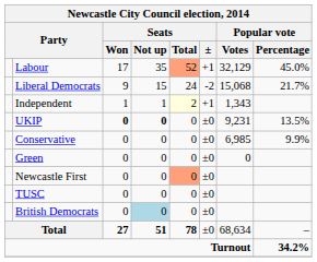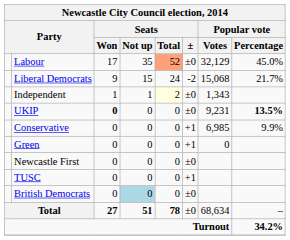 <table class="wikitable">
 <tr>
 <th colspan="8"><strong>Newcastle City Council election, 2014</strong></th>
 </tr>
 <tr>
 <th rowspan="2" colspan="2">Party</th>
 <th colspan="4">Seats</th>
 <th colspan="2">Popular vote</th>
 </tr>
 <tr>
 <th>Won</th>
 <th>Not up</th>
 <th>Total</th>
 <th>±</th>
 <th>Votes</th>
 <th>Percentage</th>
 </tr>
 <tr>
 <td style="background-color: "> </td>
 <td><a href='#'>Labour</a></td>
 <td align=right>17</td>
 <td align=right>35</td>
 <td align=right style="background: lightsalmon;">52</td>
-<td align=right>+1</td>
+<td align=right>±0</td>
 <td align=right>32,129</td>
 <td align=right>45.0%</td>
 </tr>
 <tr>
 <td style="background-color: "> </td>
 <td><a href='#'>Liberal Democrats</a></td>
 <td align=right>9</td>
 <td align=right>15</td>
 <td align=right>24</td>
 <td align=right>-2</td>
 <td align=right>15,068</td>
 <td align=right>21.7%</td>
 </tr>
 <tr>
 <td style="background-color: "> </td>
 <td>Independent</td>
 <td align=right>1</td>
 <td align=right>1</td>
 <td align=right style="background: lightyellow;">2</td>
-<td align=right>+1</td>
+<td align=right>±0</td>
 <td align=right>1,343</td>
 <td align=right></td>
 </tr>
 <tr>
 <td style="background-color: "> </td>
 <td><a href='#'>UKIP</a></td>
 <td align=right><strong>0</strong></td>
-<td align=right><strong>0</strong></td>
+<td align=right>0</td>
 <td align=right>0</td>
 <td align=right>±0</td>
 <td align=right>9,231</td>
-<td align=right>13.5%</td>
+<td align=right><strong>13.5%</strong></td>
 </tr>
 <tr>
 <td style="background-color: "> </td>
 <td><a href='#'>Conservative</a></td>
 <td align=right>0</td>
 <td align=right>0</td>
 <td align=right>0</td>
-<td align=right>±0</td>
+<td align=right>+1</td>
 <td align=right>6,985</td>
 <td align=right>9.9%</td>
 </tr>
 <tr>
 <td style="background-color: "> </td>
 <td><a href='#'>Green</a></td>
 <td align=right>0</td>
 <td align=right>0</td>
 <td align=right>0</td>
-<td align=right>±0</td>
+<td align=right>+1</td>
 <td align=right>0</td>
 <td align=right></td>
 </tr>
 <tr>
 <td style="background-color: "> </td>
 <td>Newcastle First</td>
 <td align=right>0</td>
 <td align=right>0</td>
-<td align=right style="background: lightsalmon;">0</td>
+<td align=right>0</td>
 <td align=right>±0</td>
 <td align=right></td>
 <td align=right></td>
 </tr>
 <tr>
 <td style="background-color: "> </td>
 <td><a href='#'>TUSC</a></td>
 <td align=right>0</td>
 <td align=right>0</td>
 <td align=right>0</td>
-<td align=right>±0</td>
+<td align=right>+1</td>
 <td align=right></td>
 <td align=right></td>
 </tr>
 <tr>
 <td style="background-color: "> </td>
 <td><a href='#'>British Democrats</a></td>
 <td align=right>0</td>
 <td align=right style="background: lightblue;">0</td>
 <td align=right>0</td>
 <td align=right>±0</td>
 <td align=right></td>
 <td align=right></td>
 </tr>
 <tr>
 <th colspan="2">Total</th>
 <td align=right><strong>27</strong></td>
 <td align=right><strong>51</strong></td>
 <td align=right><strong>78</strong></td>
 <td align=right>±0</td>
 <td align=right>68,634</td>
 <td align=right>–</td>
 </tr>
 <tr>
 <td colspan="7" align=right><strong>Turnout</strong></td>
 <td align=right><strong>34.2%</strong></td>
 </tr>
 <tr>
 </tr>
 </table>
